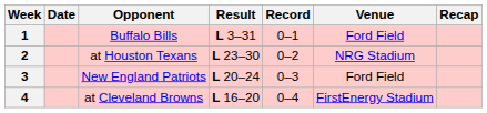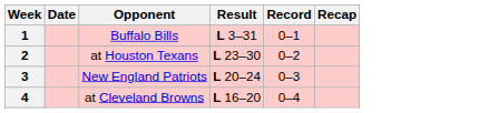 <table class="wikitable" style="text-align:center">
 <tr>
 <th>Week</th>
 <th>Date</th>
 <th>Opponent</th>
 <th>Result</th>
 <th>Record</th>
-<th>Venue</th>
 <th>Recap</th>
 </tr>
 <tr style="background:#fcc">
 <th>1</th>
 <td></td>
 <td><a href='#'>Buffalo Bills</a></td>
 <td><strong>L</strong> 3–31</td>
 <td>0–1</td>
-<td><a href='#'>Ford Field</a></td>
 <td></td>
 </tr>
 <tr style="background:#fcc">
 <th>2</th>
 <td></td>
 <td>at <a href='#'>Houston Texans</a></td>
 <td><strong>L</strong> 23–30</td>
 <td>0–2</td>
-<td><a href='#'>NRG Stadium</a></td>
 <td></td>
 </tr>
 <tr style="background:#fcc">
 <th>3</th>
 <td></td>
 <td><a href='#'>New England Patriots</a></td>
 <td><strong>L</strong> 20–24</td>
 <td>0–3</td>
-<td>Ford Field</td>
 <td></td>
 </tr>
 <tr style="background:#fcc">
 <th>4</th>
 <td></td>
 <td>at <a href='#'>Cleveland Browns</a></td>
 <td><strong>L</strong> 16–20</td>
 <td>0–4</td>
-<td><a href='#'>FirstEnergy Stadium</a></td>
 <td></td>
 </tr>
 </table>
